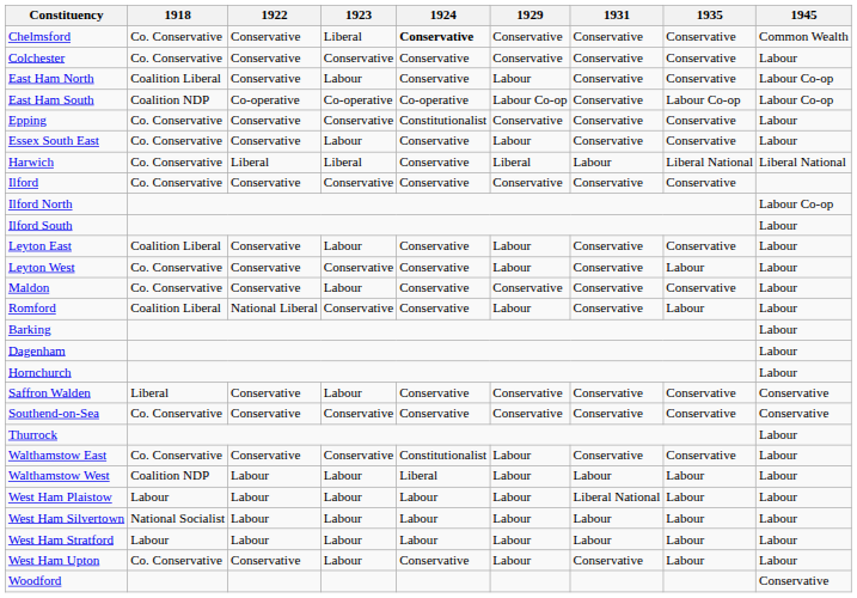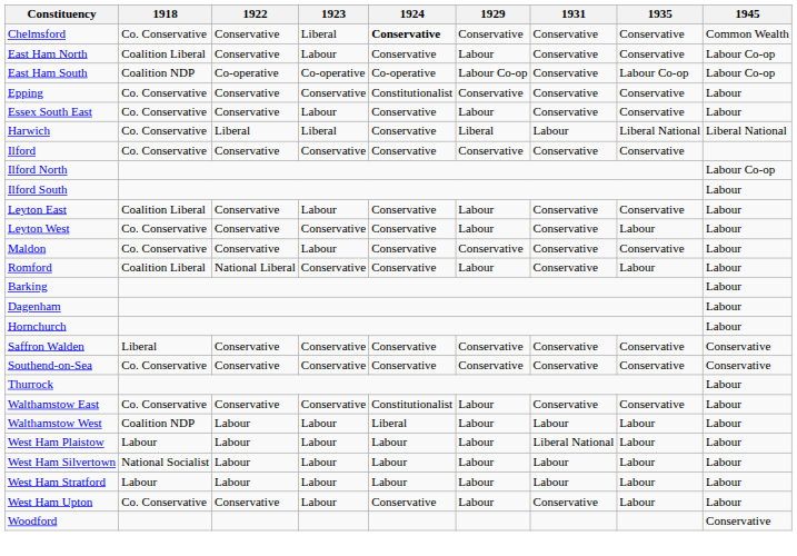 <table class="wikitable">
 <tr>
 <th>Constituency</th>
 <th>1918</th>
 <th>1922</th>
 <th>1923</th>
 <th>1924</th>
 <th>1929</th>
 <th>1931</th>
 <th>1935</th>
 <th>1945</th>
 </tr>
 <tr>
 <td><a href='#'>Chelmsford</a></td>
 <td bgcolor=>Co. Conservative</td>
 <td bgcolor=>Conservative</td>
 <td bgcolor=>Liberal</td>
 <td bgcolor=><strong>Conservative</strong></td>
 <td bgcolor=>Conservative</td>
 <td bgcolor=>Conservative</td>
 <td bgcolor=>Conservative</td>
 <td bgcolor=>Common Wealth</td>
-</tr>
-<tr>
-<td><a href='#'>Colchester</a></td>
-<td bgcolor=>Co. Conservative</td>
-<td bgcolor=>Conservative</td>
-<td bgcolor=>Conservative</td>
-<td bgcolor=>Conservative</td>
-<td bgcolor=>Conservative</td>
-<td bgcolor=>Conservative</td>
-<td bgcolor=>Conservative</td>
-<td bgcolor=>Labour</td>
 </tr>
 <tr>
 <td><a href='#'>East Ham North</a></td>
 <td bgcolor=>Coalition Liberal</td>
 <td bgcolor=>Conservative</td>
 <td bgcolor=>Labour</td>
 <td bgcolor=>Conservative</td>
 <td bgcolor=>Labour</td>
 <td bgcolor=>Conservative</td>
 <td bgcolor=>Conservative</td>
 <td bgcolor=>Labour Co-op</td>
 </tr>
 <tr>
 <td><a href='#'>East Ham South</a></td>
 <td bgcolor=>Coalition NDP</td>
 <td bgcolor=>Co-operative</td>
 <td bgcolor=>Co-operative</td>
 <td bgcolor=>Co-operative</td>
 <td bgcolor=>Labour Co-op</td>
 <td bgcolor=>Conservative</td>
 <td bgcolor=>Labour Co-op</td>
 <td bgcolor=>Labour Co-op</td>
 </tr>
 <tr>
 <td><a href='#'>Epping</a></td>
 <td bgcolor=>Co. Conservative</td>
 <td bgcolor=>Conservative</td>
 <td bgcolor=>Conservative</td>
 <td bgcolor=>Constitutionalist</td>
 <td bgcolor=>Conservative</td>
 <td bgcolor=>Conservative</td>
 <td bgcolor=>Conservative</td>
 <td bgcolor=>Labour</td>
 </tr>
 <tr>
 <td><a href='#'>Essex South East</a></td>
 <td bgcolor=>Co. Conservative</td>
 <td bgcolor=>Conservative</td>
 <td bgcolor=>Labour</td>
 <td bgcolor=>Conservative</td>
 <td bgcolor=>Labour</td>
 <td bgcolor=>Conservative</td>
 <td bgcolor=>Conservative</td>
 <td bgcolor=>Labour</td>
 </tr>
 <tr>
 <td><a href='#'>Harwich</a></td>
 <td bgcolor=>Co. Conservative</td>
 <td bgcolor=>Liberal</td>
 <td bgcolor=>Liberal</td>
 <td bgcolor=>Conservative</td>
 <td bgcolor=>Liberal</td>
 <td>Labour</td>
 <td bgcolor=>Liberal National</td>
 <td bgcolor=>Liberal National</td>
 </tr>
 <tr>
 <td><a href='#'>Ilford</a></td>
 <td bgcolor=>Co. Conservative</td>
 <td bgcolor=>Conservative</td>
 <td bgcolor=>Conservative</td>
 <td bgcolor=>Conservative</td>
 <td bgcolor=>Conservative</td>
 <td bgcolor=>Conservative</td>
 <td bgcolor=>Conservative</td>
 <td></td>
 </tr>
 <tr>
 <td><a href='#'>Ilford North</a></td>
 <td colspan="7"></td>
 <td bgcolor=>Labour Co-op</td>
 </tr>
 <tr>
 <td><a href='#'>Ilford South</a></td>
 <td colspan="7"></td>
 <td bgcolor=>Labour</td>
 </tr>
 <tr>
 <td><a href='#'>Leyton East</a></td>
 <td>Coalition Liberal</td>
 <td>Conservative</td>
 <td>Labour</td>
 <td>Conservative</td>
 <td>Labour</td>
 <td>Conservative</td>
 <td>Conservative</td>
 <td bgcolor=>Labour</td>
 </tr>
 <tr>
 <td><a href='#'>Leyton West</a></td>
 <td>Co. Conservative</td>
 <td>Conservative</td>
 <td>Conservative</td>
 <td>Conservative</td>
 <td>Labour</td>
 <td>Conservative</td>
 <td>Labour</td>
 <td bgcolor=>Labour</td>
 </tr>
 <tr>
 <td><a href='#'>Maldon</a></td>
 <td>Co. Conservative</td>
 <td>Conservative</td>
 <td>Labour</td>
 <td>Conservative</td>
 <td>Conservative</td>
 <td>Conservative</td>
 <td>Conservative</td>
 <td bgcolor=>Labour</td>
 </tr>
 <tr>
 <td><a href='#'>Romford</a></td>
 <td>Coalition Liberal</td>
 <td>National Liberal</td>
 <td>Conservative</td>
 <td>Conservative</td>
 <td>Labour</td>
 <td>Conservative</td>
 <td>Labour</td>
 <td bgcolor=>Labour</td>
 </tr>
 <tr>
 <td><a href='#'>Barking</a></td>
 <td colspan="7"></td>
 <td bgcolor=>Labour</td>
 </tr>
 <tr>
 <td><a href='#'>Dagenham</a></td>
 <td colspan="7"></td>
 <td bgcolor=>Labour</td>
 </tr>
 <tr>
 <td><a href='#'>Hornchurch</a></td>
 <td colspan="7"></td>
 <td bgcolor=>Labour</td>
 </tr>
 <tr>
 <td><a href='#'>Saffron Walden</a></td>
 <td>Liberal</td>
 <td>Conservative</td>
-<td bgcolor=>Labour</td>
+<td>Conservative</td>
 <td>Conservative</td>
 <td>Conservative</td>
 <td>Conservative</td>
 <td>Conservative</td>
 <td bgcolor=>Conservative</td>
 </tr>
 <tr>
 <td><a href='#'>Southend-on-Sea</a></td>
 <td>Co. Conservative</td>
 <td>Conservative</td>
 <td>Conservative</td>
 <td>Conservative</td>
 <td>Conservative</td>
 <td>Conservative</td>
 <td>Conservative</td>
 <td bgcolor=>Conservative</td>
 </tr>
 <tr>
 <td><a href='#'>Thurrock</a></td>
 <td colspan="7"></td>
 <td bgcolor=>Labour</td>
 </tr>
 <tr>
 <td><a href='#'>Walthamstow East</a></td>
 <td>Co. Conservative</td>
 <td>Conservative</td>
 <td>Conservative</td>
 <td>Constitutionalist</td>
 <td>Labour</td>
 <td>Conservative</td>
 <td>Conservative</td>
 <td bgcolor=>Labour</td>
 </tr>
 <tr>
 <td><a href='#'>Walthamstow West</a></td>
 <td>Coalition NDP</td>
 <td>Labour</td>
 <td>Labour</td>
 <td>Liberal</td>
 <td>Labour</td>
 <td>Labour</td>
 <td>Labour</td>
 <td bgcolor=>Labour</td>
 </tr>
 <tr>
 <td><a href='#'>West Ham Plaistow</a></td>
 <td>Labour</td>
 <td>Labour</td>
 <td>Labour</td>
 <td>Labour</td>
 <td>Labour</td>
 <td bgcolor=>Liberal National</td>
 <td>Labour</td>
 <td bgcolor=>Labour</td>
 </tr>
 <tr>
 <td><a href='#'>West Ham Silvertown</a></td>
 <td bgcolor=>National Socialist</td>
 <td>Labour</td>
 <td>Labour</td>
 <td>Labour</td>
 <td>Labour</td>
 <td>Labour</td>
 <td>Labour</td>
 <td bgcolor=>Labour</td>
 </tr>
 <tr>
 <td><a href='#'>West Ham Stratford</a></td>
 <td>Labour</td>
 <td>Labour</td>
 <td>Labour</td>
 <td>Labour</td>
 <td>Labour</td>
 <td>Labour</td>
 <td>Labour</td>
 <td bgcolor=>Labour</td>
 </tr>
 <tr>
 <td><a href='#'>West Ham Upton</a></td>
 <td>Co. Conservative</td>
 <td>Conservative</td>
 <td>Labour</td>
 <td>Conservative</td>
 <td>Labour</td>
 <td>Conservative</td>
 <td>Labour</td>
 <td bgcolor=>Labour</td>
 </tr>
 <tr>
 <td><a href='#'>Woodford</a></td>
 <td></td>
 <td></td>
 <td></td>
 <td></td>
 <td></td>
 <td></td>
 <td></td>
 <td bgcolor=>Conservative</td>
 </tr>
 </table>
